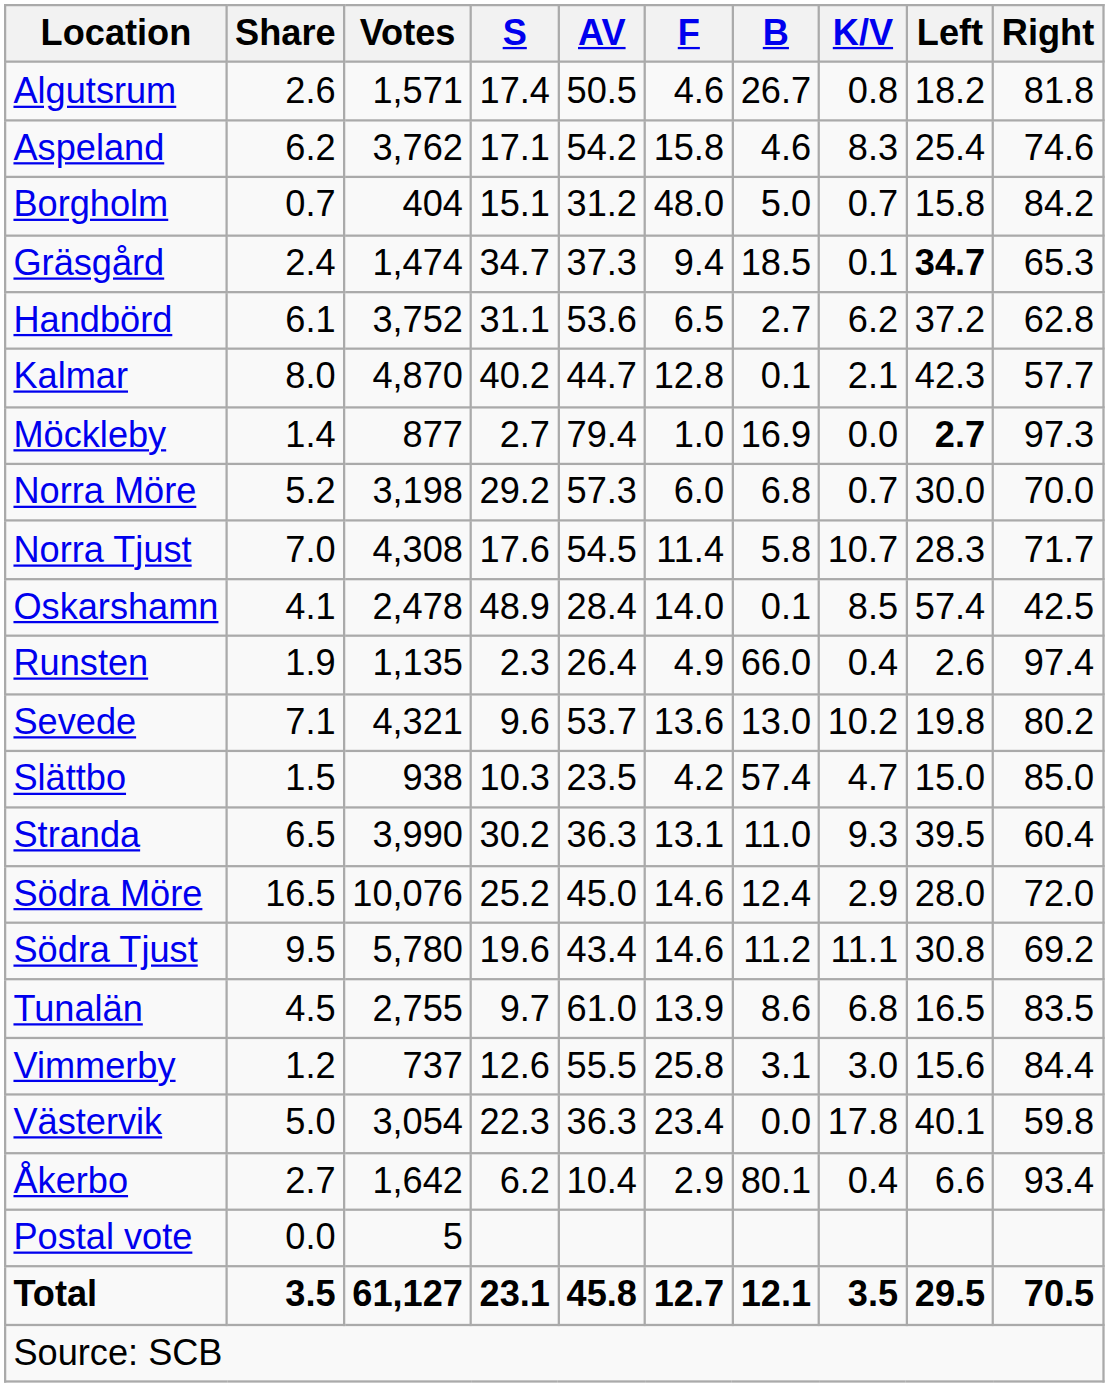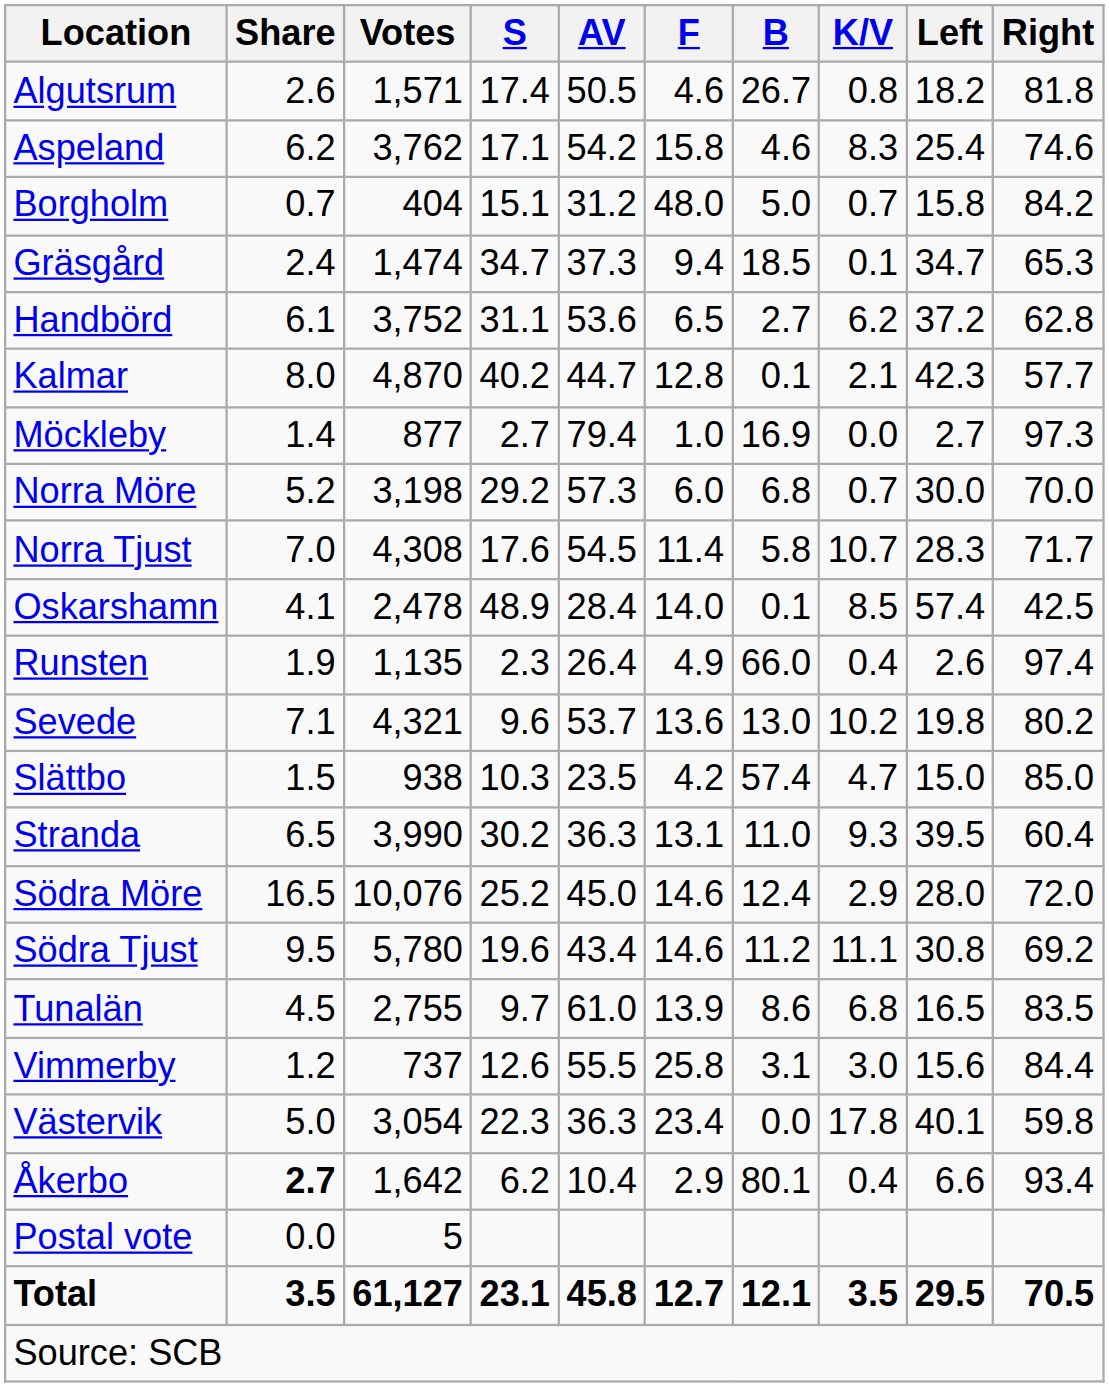 <table class="wikitable sortable" style=text-align:right>
 <tr>
 <th>Location</th>
 <th>Share</th>
 <th>Votes</th>
 <th><a href='#'>S</a></th>
 <th><a href='#'>AV</a></th>
 <th><a href='#'>F</a></th>
 <th><a href='#'>B</a></th>
 <th><a href='#'>K/V</a></th>
 <th>Left</th>
 <th>Right</th>
 </tr>
 <tr>
 <td align=left><a href='#'>Algutsrum</a></td>
 <td>2.6</td>
 <td>1,571</td>
 <td>17.4</td>
 <td>50.5</td>
 <td>4.6</td>
 <td>26.7</td>
 <td>0.8</td>
 <td>18.2</td>
 <td>81.8</td>
 </tr>
 <tr>
 <td align=left><a href='#'>Aspeland</a></td>
 <td>6.2</td>
 <td>3,762</td>
 <td>17.1</td>
 <td>54.2</td>
 <td>15.8</td>
 <td>4.6</td>
 <td>8.3</td>
 <td>25.4</td>
 <td>74.6</td>
 </tr>
 <tr>
 <td align=left><a href='#'>Borgholm</a></td>
 <td>0.7</td>
 <td>404</td>
 <td>15.1</td>
 <td>31.2</td>
 <td>48.0</td>
 <td>5.0</td>
 <td>0.7</td>
 <td>15.8</td>
 <td>84.2</td>
 </tr>
 <tr>
 <td align=left><a href='#'>Gräsgård</a></td>
 <td>2.4</td>
 <td>1,474</td>
 <td>34.7</td>
 <td>37.3</td>
 <td>9.4</td>
 <td>18.5</td>
 <td>0.1</td>
-<td><strong>34.7</strong></td>
+<td>34.7</td>
 <td>65.3</td>
 </tr>
 <tr>
 <td align=left><a href='#'>Handbörd</a></td>
 <td>6.1</td>
 <td>3,752</td>
 <td>31.1</td>
 <td>53.6</td>
 <td>6.5</td>
 <td>2.7</td>
 <td>6.2</td>
 <td>37.2</td>
 <td>62.8</td>
 </tr>
 <tr>
 <td align=left><a href='#'>Kalmar</a></td>
 <td>8.0</td>
 <td>4,870</td>
 <td>40.2</td>
 <td>44.7</td>
 <td>12.8</td>
 <td>0.1</td>
 <td>2.1</td>
 <td>42.3</td>
 <td>57.7</td>
 </tr>
 <tr>
 <td align=left><a href='#'>Möckleby</a></td>
 <td>1.4</td>
 <td>877</td>
 <td>2.7</td>
 <td>79.4</td>
 <td>1.0</td>
 <td>16.9</td>
 <td>0.0</td>
-<td><strong>2.7</strong></td>
+<td>2.7</td>
 <td>97.3</td>
 </tr>
 <tr>
 <td align=left><a href='#'>Norra Möre</a></td>
 <td>5.2</td>
 <td>3,198</td>
 <td>29.2</td>
 <td>57.3</td>
 <td>6.0</td>
 <td>6.8</td>
 <td>0.7</td>
 <td>30.0</td>
 <td>70.0</td>
 </tr>
 <tr>
 <td align=left><a href='#'>Norra Tjust</a></td>
 <td>7.0</td>
 <td>4,308</td>
 <td>17.6</td>
 <td>54.5</td>
 <td>11.4</td>
 <td>5.8</td>
 <td>10.7</td>
 <td>28.3</td>
 <td>71.7</td>
 </tr>
 <tr>
 <td align=left><a href='#'>Oskarshamn</a></td>
 <td>4.1</td>
 <td>2,478</td>
 <td>48.9</td>
 <td>28.4</td>
 <td>14.0</td>
 <td>0.1</td>
 <td>8.5</td>
 <td>57.4</td>
 <td>42.5</td>
 </tr>
 <tr>
 <td align=left><a href='#'>Runsten</a></td>
 <td>1.9</td>
 <td>1,135</td>
 <td>2.3</td>
 <td>26.4</td>
 <td>4.9</td>
 <td>66.0</td>
 <td>0.4</td>
 <td>2.6</td>
 <td>97.4</td>
 </tr>
 <tr>
 <td align=left><a href='#'>Sevede</a></td>
 <td>7.1</td>
 <td>4,321</td>
 <td>9.6</td>
 <td>53.7</td>
 <td>13.6</td>
 <td>13.0</td>
 <td>10.2</td>
 <td>19.8</td>
 <td>80.2</td>
 </tr>
 <tr>
 <td align=left><a href='#'>Slättbo</a></td>
 <td>1.5</td>
 <td>938</td>
 <td>10.3</td>
 <td>23.5</td>
 <td>4.2</td>
 <td>57.4</td>
 <td>4.7</td>
 <td>15.0</td>
 <td>85.0</td>
 </tr>
 <tr>
 <td align=left><a href='#'>Stranda</a></td>
 <td>6.5</td>
 <td>3,990</td>
 <td>30.2</td>
 <td>36.3</td>
 <td>13.1</td>
 <td>11.0</td>
 <td>9.3</td>
 <td>39.5</td>
 <td>60.4</td>
 </tr>
 <tr>
 <td align=left><a href='#'>Södra Möre</a></td>
 <td>16.5</td>
 <td>10,076</td>
 <td>25.2</td>
 <td>45.0</td>
 <td>14.6</td>
 <td>12.4</td>
 <td>2.9</td>
 <td>28.0</td>
 <td>72.0</td>
 </tr>
 <tr>
 <td align=left><a href='#'>Södra Tjust</a></td>
 <td>9.5</td>
 <td>5,780</td>
 <td>19.6</td>
 <td>43.4</td>
 <td>14.6</td>
 <td>11.2</td>
 <td>11.1</td>
 <td>30.8</td>
 <td>69.2</td>
 </tr>
 <tr>
 <td align=left><a href='#'>Tunalän</a></td>
 <td>4.5</td>
 <td>2,755</td>
 <td>9.7</td>
 <td>61.0</td>
 <td>13.9</td>
 <td>8.6</td>
 <td>6.8</td>
 <td>16.5</td>
 <td>83.5</td>
 </tr>
 <tr>
 <td align=left><a href='#'>Vimmerby</a></td>
 <td>1.2</td>
 <td>737</td>
 <td>12.6</td>
 <td>55.5</td>
 <td>25.8</td>
 <td>3.1</td>
 <td>3.0</td>
 <td>15.6</td>
 <td>84.4</td>
 </tr>
 <tr>
 <td align=left><a href='#'>Västervik</a></td>
 <td>5.0</td>
 <td>3,054</td>
 <td>22.3</td>
 <td>36.3</td>
 <td>23.4</td>
 <td>0.0</td>
 <td>17.8</td>
 <td>40.1</td>
 <td>59.8</td>
 </tr>
 <tr>
 <td align=left><a href='#'>Åkerbo</a></td>
-<td>2.7</td>
+<td><strong>2.7</strong></td>
 <td>1,642</td>
 <td>6.2</td>
 <td>10.4</td>
 <td>2.9</td>
 <td>80.1</td>
 <td>0.4</td>
 <td>6.6</td>
 <td>93.4</td>
 </tr>
 <tr>
 <td align=left><a href='#'>Postal vote</a></td>
 <td>0.0</td>
 <td>5</td>
 <td></td>
 <td></td>
 <td></td>
 <td></td>
 <td></td>
 <td></td>
 <td></td>
 </tr>
 <tr>
 <td align=left><strong>Total</strong></td>
 <td><strong>3.5</strong></td>
 <td><strong>61,127</strong></td>
 <td><strong>23.1</strong></td>
 <td><strong>45.8</strong></td>
 <td><strong>12.7</strong></td>
 <td><strong>12.1</strong></td>
 <td><strong>3.5</strong></td>
 <td><strong>29.5</strong></td>
 <td><strong>70.5</strong></td>
 </tr>
 <tr>
 <td align=left colspan=10>Source: SCB </td>
 </tr>
 </table>
